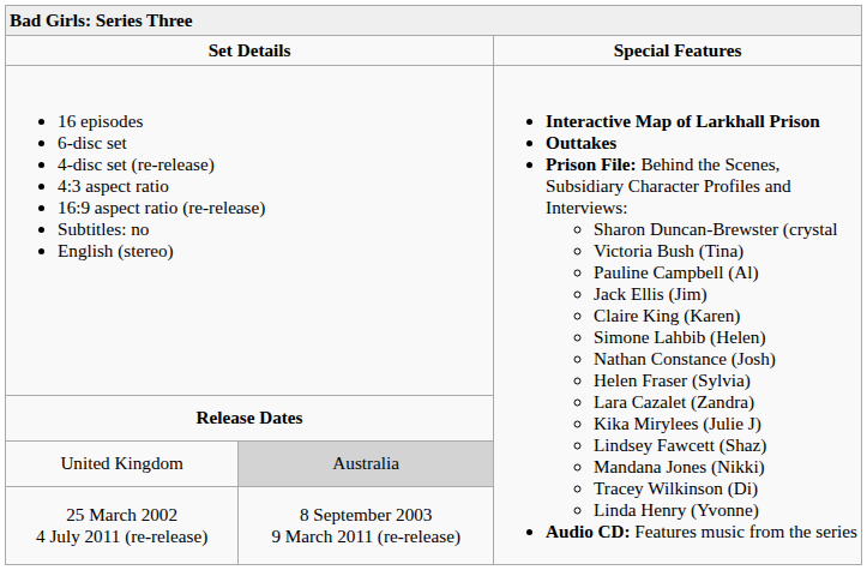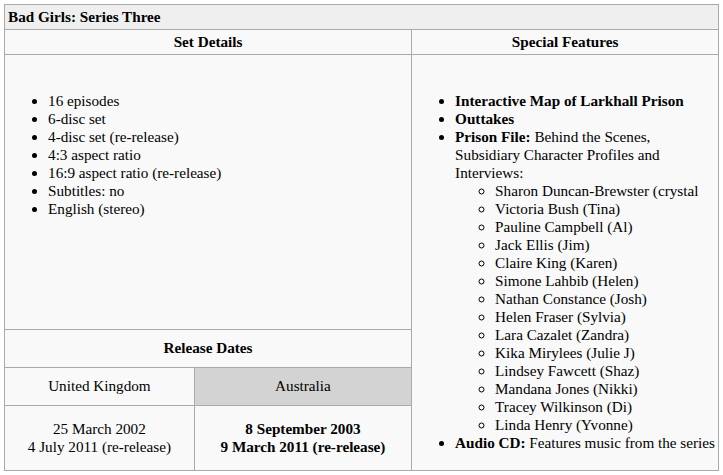 <table class="wikitable" style="font-size:95%;">
 <tr style="background: #EFEFEF">
 <td colspan="5"><strong>Bad Girls: Series Three</strong></td>
 </tr>
 <tr>
 <td align="center" width="150" colspan="3"><strong>Set Details</strong></td>
 <td width="150px" align="center"><strong>Special Features</strong></td>
 </tr>
 <tr valign="top">
 <td colspan="3" align="left" width="400"><br><ul><li>16 episodes</li><li>6-disc set</li><li>4-disc set (re-release)</li><li>4:3 aspect ratio</li><li>16:9 aspect ratio (re-release)</li><li>Subtitles: no</li><li>English (stereo)</li></ul></td>
 <td rowspan="4" align="left" width="300"><br><ul><li><strong>Interactive Map of Larkhall Prison</strong></li><li><strong>Outtakes</strong></li><li><strong>Prison File:</strong> Behind the Scenes, Subsidiary Character Profiles and Interviews:<ul><li>Sharon Duncan-Brewster (crystal</li><li>Victoria Bush (Tina)</li><li>Pauline Campbell (Al)</li><li>Jack Ellis (Jim)</li><li>Claire King (Karen)</li><li>Simone Lahbib (Helen)</li><li>Nathan Constance (Josh)</li><li>Helen Fraser (Sylvia)</li><li>Lara Cazalet (Zandra)</li><li>Kika Mirylees (Julie J)</li><li>Lindsey Fawcett (Shaz)</li><li>Mandana Jones (Nikki)</li><li>Tracey Wilkinson (Di)</li><li>Linda Henry (Yvonne)</li></ul></li><li><strong>Audio CD:</strong> Features music from the series</li></ul></td>
 </tr>
 <tr>
 <td colspan="2" align="center"><strong>Release Dates</strong></td>
 </tr>
 <tr>
 <td align="center">United Kingdom</td>
 <td align="center" style="background: lightgrey;">Australia</td>
 </tr>
 <tr>
 <td align="center">25 March 2002<br>4 July 2011 (re-release)</td>
-<td align="center">8 September 2003<br>9 March 2011 (re-release)</td>
+<td align="center"><strong>8 September 2003<br>9 March 2011 (re-release)</strong></td>
 </tr>
 </table>
